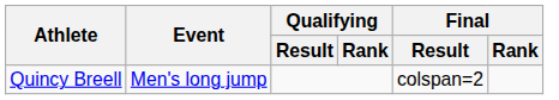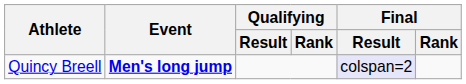 <table class=wikitable style="text-align:center; font-size:90%">
 <tr>
 <th rowspan=2>Athlete</th>
 <th rowspan=2>Event</th>
 <th colspan=2>Qualifying</th>
 <th colspan=2>Final</th>
 </tr>
 <tr>
 <th>Result</th>
 <th>Rank</th>
 <th>Result</th>
 <th>Rank</th>
 </tr>
 <tr>
 <td><a href='#'>Quincy Breell</a></td>
-<td><a href='#'>Men's long jump</a></td>
+<td><strong><a href='#'>Men's long jump</a></strong></td>
 <td colspan=2></td>
-<td>colspan=2</td>
+<td style="background: lavender;">colspan=2</td>
 </tr>
 </table>
